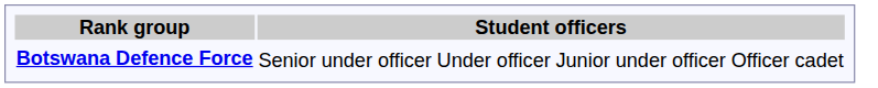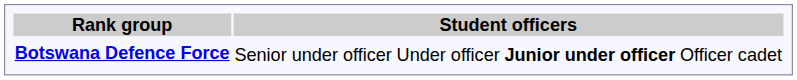 <table style="border:1px solid #8888aa; background-color:#f7f8ff; padding:5px; font-size:95%; margin: 0px 12px 12px 0px; text-align:center;">
 <tr bgcolor="#CCCCCC">
 <th>Rank group</th>
 <th colspan=4>Student officers</th>
 </tr>
 <tr style="text-align:center;">
 <td Rowspan=2><strong> <a href='#'>Botswana Defence Force</a></strong></td>
 <td></td>
 <td></td>
 <td></td>
 <td></td>
 </tr>
 <tr style="text-align:center;">
 <td>Senior under officer</td>
 <td>Under officer</td>
-<td>Junior under officer</td>
+<td><strong>Junior under officer</strong></td>
 <td>Officer cadet</td>
 </tr>
 </table>
